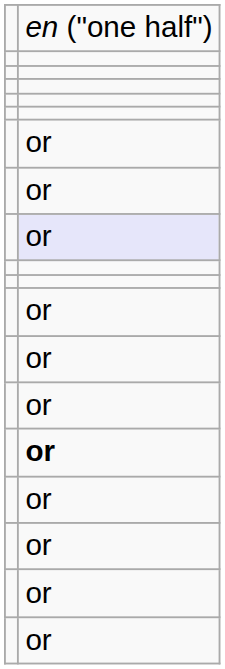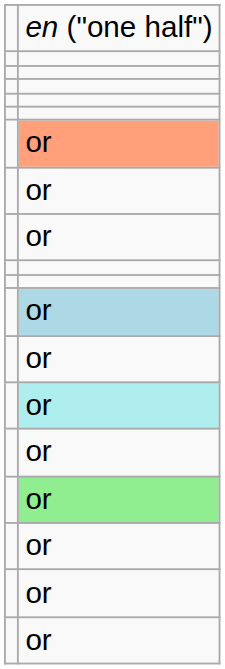 <table class="wikitable" style="padding: 0.5em">
 <tr>
 <td></td>
 <td><em>en</em>  ("one half")</td>
 </tr>
 <tr>
 <td></td>
 <td></td>
 </tr>
 <tr>
 <td></td>
 <td></td>
 </tr>
 <tr>
 <td></td>
 <td></td>
 </tr>
 <tr>
 <td></td>
 <td></td>
 </tr>
 <tr>
 <td></td>
 <td></td>
 </tr>
 <tr>
 <td></td>
-<td> or </td>
+<td style="background: lightsalmon;"> or </td>
 </tr>
 <tr>
 <td></td>
 <td> or </td>
 </tr>
 <tr>
 <td></td>
-<td style="background: lavender;"> or </td>
+<td> or </td>
 </tr>
 <tr>
 <td></td>
 <td></td>
 </tr>
 <tr>
 <td></td>
 <td></td>
 </tr>
 <tr>
 <td></td>
-<td> or </td>
+<td style="background: lightblue;"> or </td>
 </tr>
 <tr>
 <td></td>
 <td> or </td>
 </tr>
 <tr>
 <td></td>
+<td style="background: paleturquoise;"> or </td>
+</tr>
+<tr>
+<td></td>
 <td> or </td>
 </tr>
 <tr>
 <td></td>
-<td><strong> or </strong></td>
-</tr>
-<tr>
-<td></td>
-<td> or </td>
+<td style="background: lightgreen;"> or </td>
 </tr>
 <tr>
 <td></td>
 <td> or </td>
 </tr>
 <tr>
 <td></td>
 <td> or </td>
 </tr>
 <tr>
 <td></td>
 <td> or </td>
 </tr>
 </table>
